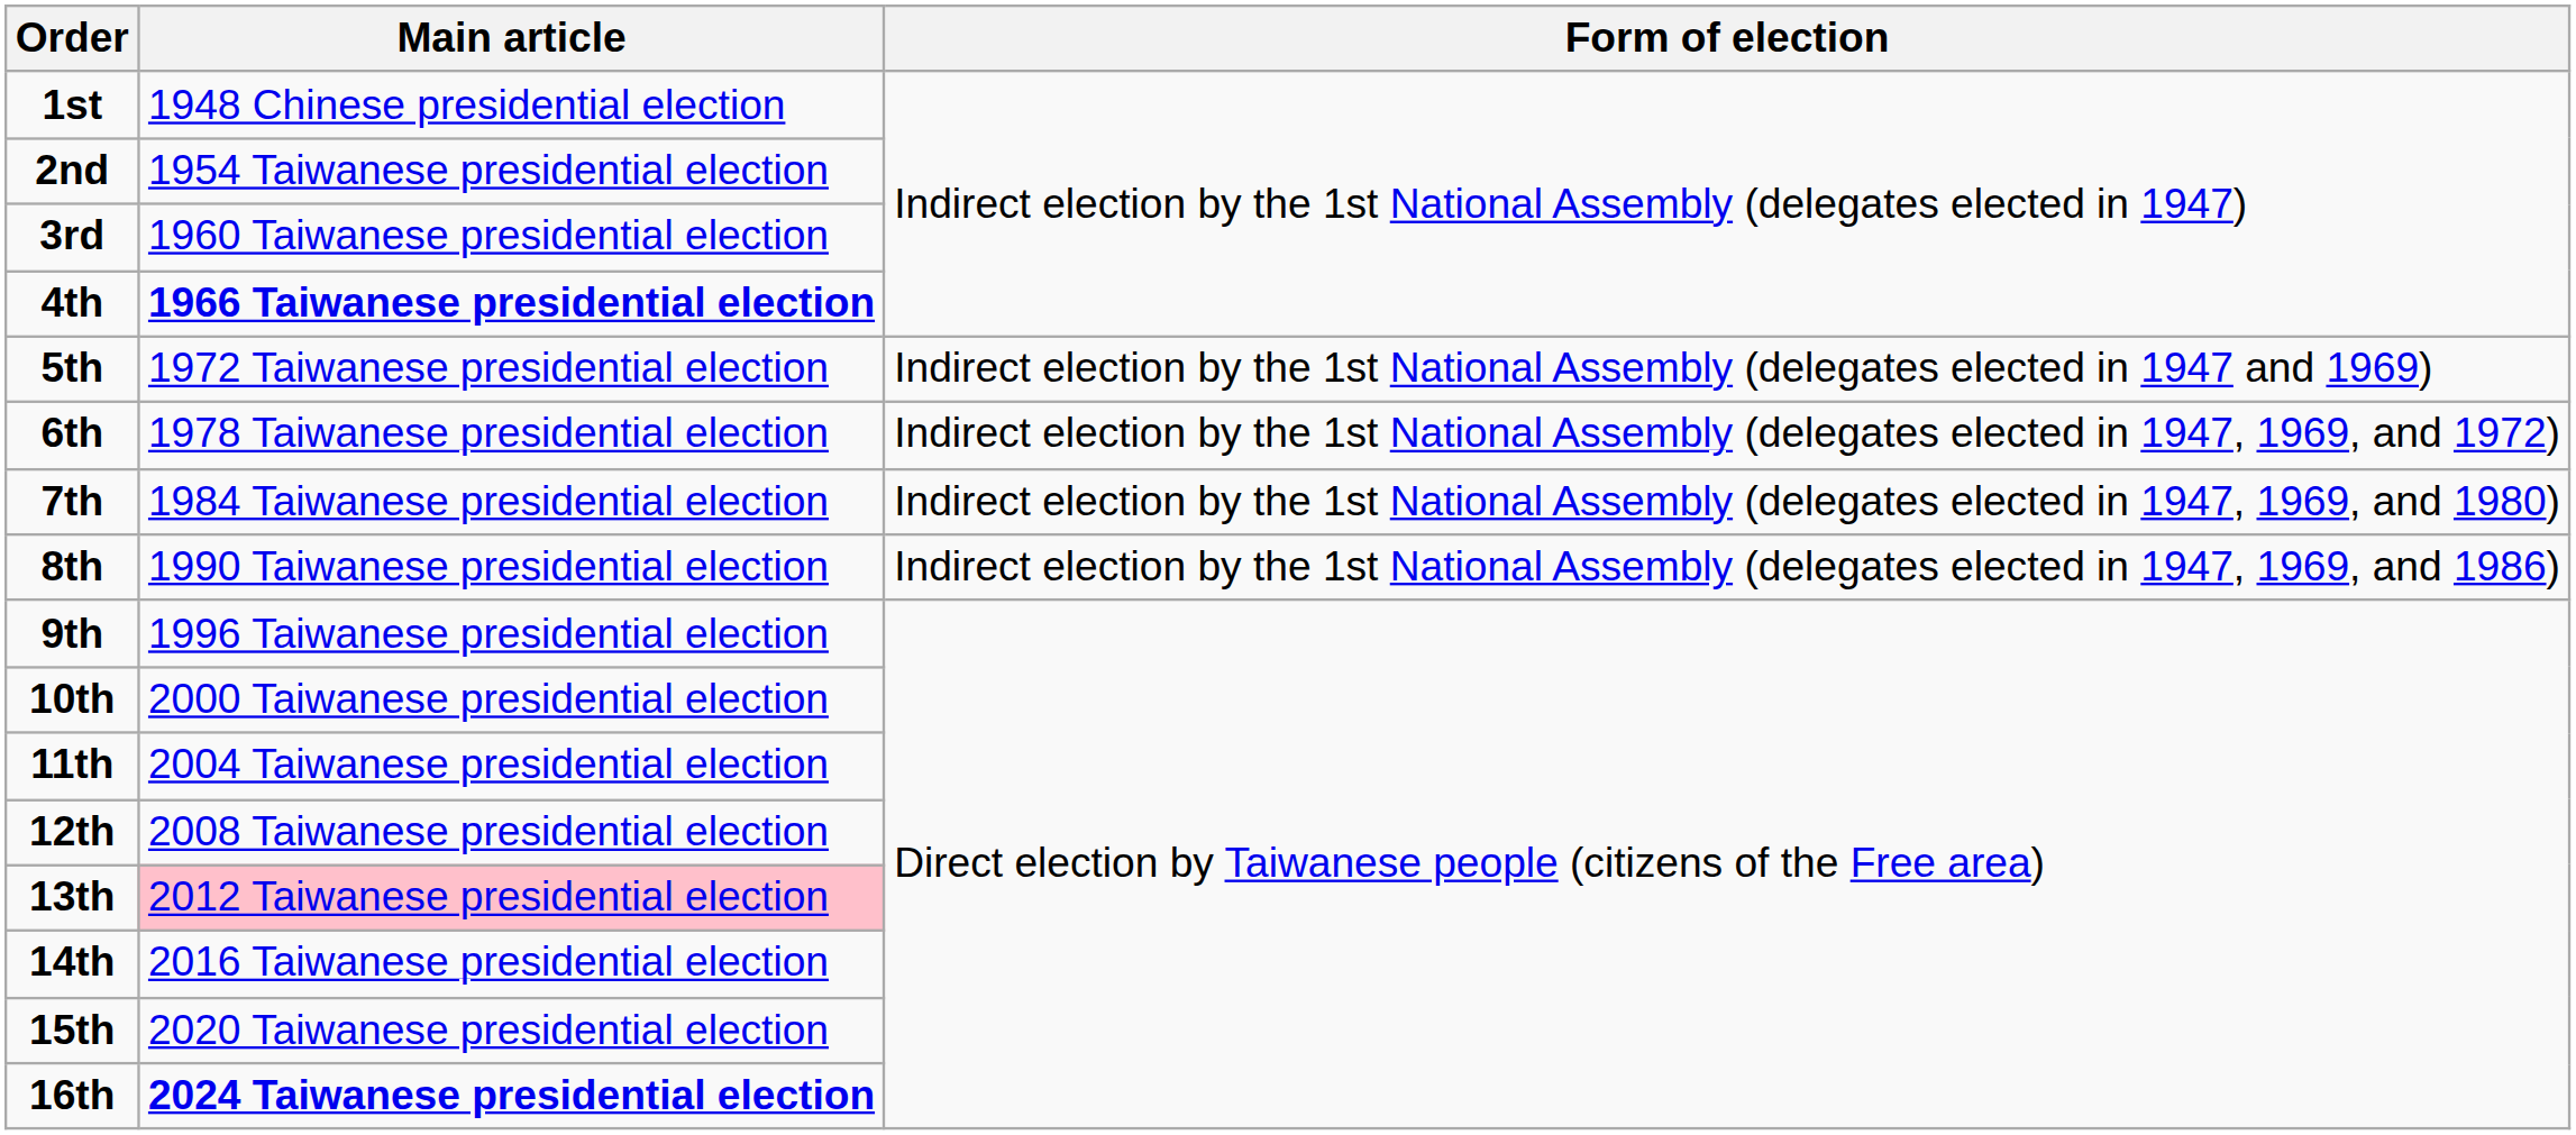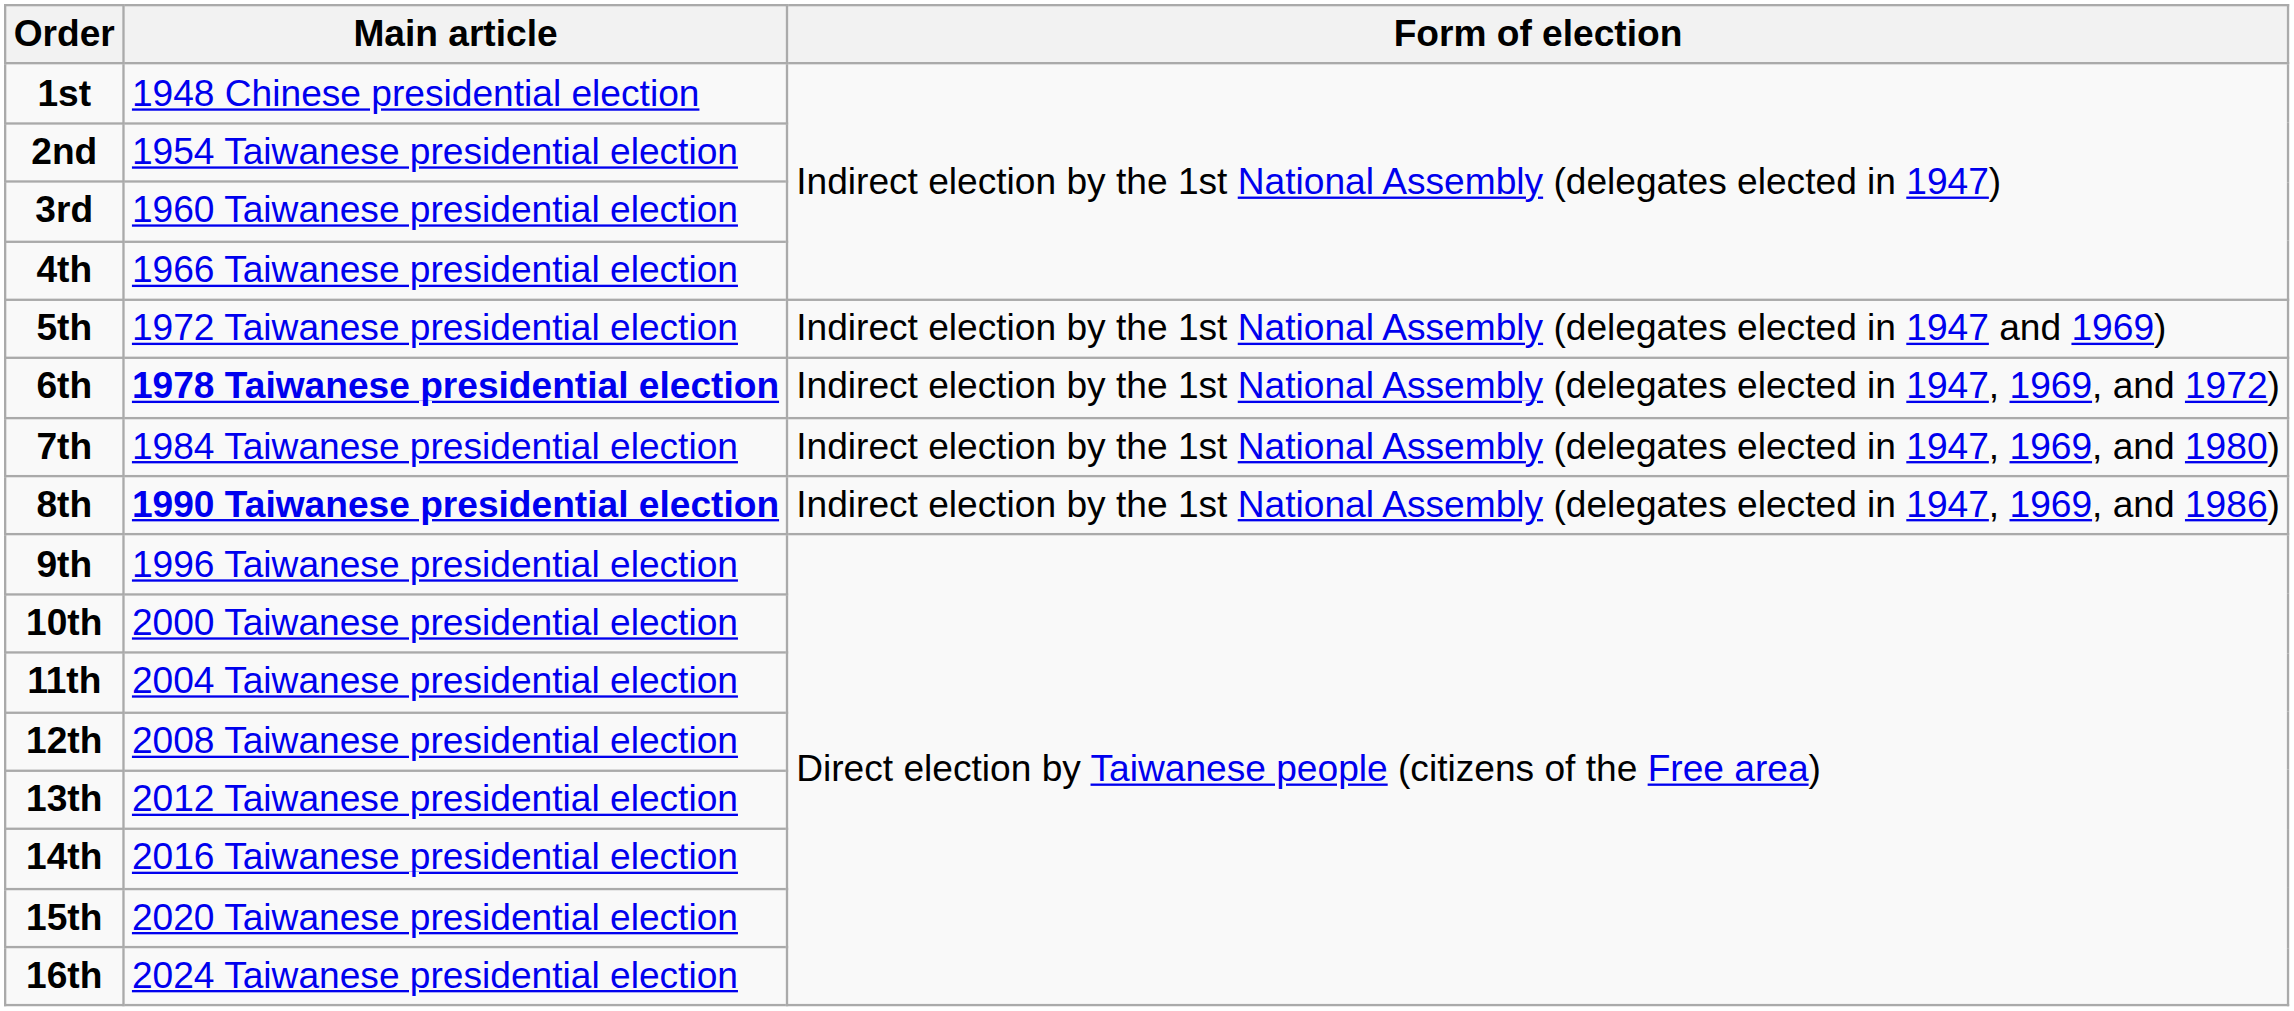 <table class=wikitable>
 <tr>
 <th>Order</th>
 <th>Main article</th>
 <th>Form of election</th>
 </tr>
 <tr>
 <td align=center><strong>1st</strong></td>
 <td><a href='#'>1948 Chinese presidential election</a></td>
 <td rowspan="4">Indirect election by the 1st <a href='#'>National Assembly</a> (delegates elected in <a href='#'>1947</a>)</td>
 </tr>
 <tr>
 <td align=center><strong>2nd</strong></td>
 <td><a href='#'>1954 Taiwanese presidential election</a></td>
 </tr>
 <tr>
 <td align=center><strong>3rd</strong></td>
 <td><a href='#'>1960 Taiwanese presidential election</a></td>
 </tr>
 <tr>
 <td align=center><strong>4th</strong></td>
-<td><strong><a href='#'>1966 Taiwanese presidential election</a></strong></td>
+<td><a href='#'>1966 Taiwanese presidential election</a></td>
 </tr>
 <tr>
 <td align=center><strong>5th</strong></td>
 <td><a href='#'>1972 Taiwanese presidential election</a></td>
 <td>Indirect election by the 1st <a href='#'>National Assembly</a> (delegates elected in <a href='#'>1947</a> and <a href='#'>1969</a>)</td>
 </tr>
 <tr>
 <td align=center><strong>6th</strong></td>
-<td><a href='#'>1978 Taiwanese presidential election</a></td>
+<td><strong><a href='#'>1978 Taiwanese presidential election</a></strong></td>
 <td>Indirect election by the 1st <a href='#'>National Assembly</a> (delegates elected in <a href='#'>1947</a>, <a href='#'>1969</a>, and <a href='#'>1972</a>)</td>
 </tr>
 <tr>
 <td align=center><strong>7th</strong></td>
 <td><a href='#'>1984 Taiwanese presidential election</a></td>
 <td>Indirect election by the 1st <a href='#'>National Assembly</a> (delegates elected in <a href='#'>1947</a>, <a href='#'>1969</a>, and <a href='#'>1980</a>)</td>
 </tr>
 <tr>
 <td align=center><strong>8th</strong></td>
-<td><a href='#'>1990 Taiwanese presidential election</a></td>
+<td><strong><a href='#'>1990 Taiwanese presidential election</a></strong></td>
 <td>Indirect election by the 1st <a href='#'>National Assembly</a> (delegates elected in <a href='#'>1947</a>, <a href='#'>1969</a>, and <a href='#'>1986</a>)</td>
 </tr>
 <tr>
 <td align=center><strong>9th</strong></td>
 <td><a href='#'>1996 Taiwanese presidential election</a></td>
 <td rowspan="8">Direct election by <a href='#'>Taiwanese people</a> (citizens of the <a href='#'>Free area</a>)</td>
 </tr>
 <tr>
 <td align=center><strong>10th</strong></td>
 <td><a href='#'>2000 Taiwanese presidential election</a></td>
 </tr>
 <tr>
 <td align=center><strong>11th</strong></td>
 <td><a href='#'>2004 Taiwanese presidential election</a></td>
 </tr>
 <tr>
 <td align=center><strong>12th</strong></td>
 <td><a href='#'>2008 Taiwanese presidential election</a></td>
 </tr>
 <tr>
 <td align=center><strong>13th</strong></td>
-<td style="background: pink;"><a href='#'>2012 Taiwanese presidential election</a></td>
+<td><a href='#'>2012 Taiwanese presidential election</a></td>
 </tr>
 <tr>
 <td align=center><strong>14th</strong></td>
 <td><a href='#'>2016 Taiwanese presidential election</a></td>
 </tr>
 <tr>
 <td align=center><strong>15th</strong></td>
 <td><a href='#'>2020 Taiwanese presidential election</a></td>
 </tr>
 <tr>
 <td align=center><strong>16th</strong></td>
-<td><strong><a href='#'>2024 Taiwanese presidential election</a></strong></td>
+<td><a href='#'>2024 Taiwanese presidential election</a></td>
 </tr>
 </table>
